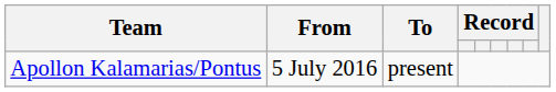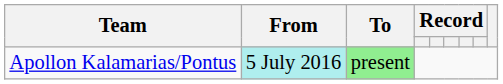 <table class="wikitable" style="text-align:center">
 <tr>
 <th rowspan="2">Team</th>
 <th rowspan="2">From</th>
 <th rowspan="2">To</th>
 <th colspan="5">Record</th>
 <th rowspan="2"></th>
 </tr>
 <tr>
 <th></th>
 <th></th>
 <th></th>
 <th></th>
 <th></th>
 </tr>
 <tr>
 <td align="left"><a href='#'>Apollon Kalamarias/Pontus</a></td>
-<td align="left">5 July 2016</td>
-<td align="left">present<br></td>
+<td align="left" style="background: paleturquoise;">5 July 2016</td>
+<td align="left" style="background: lightgreen;">present<br></td>
 </tr>
 </table>
